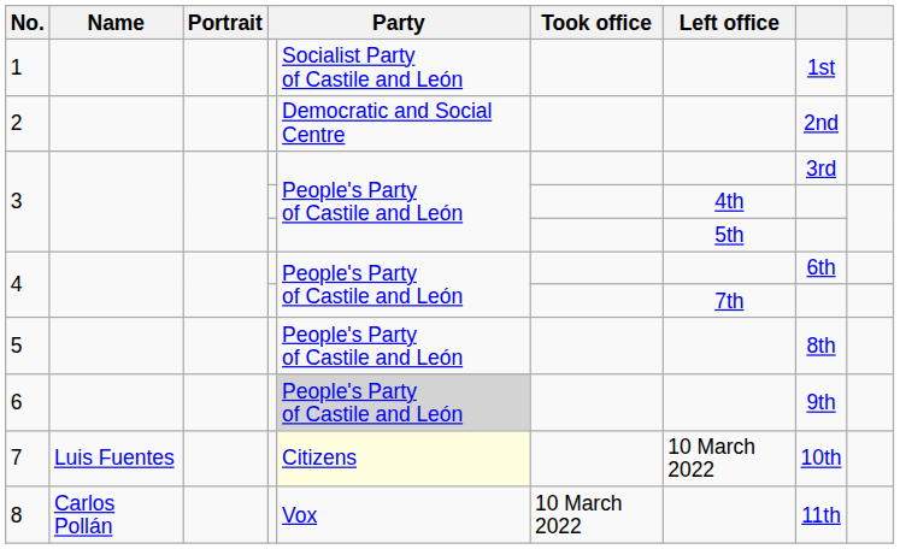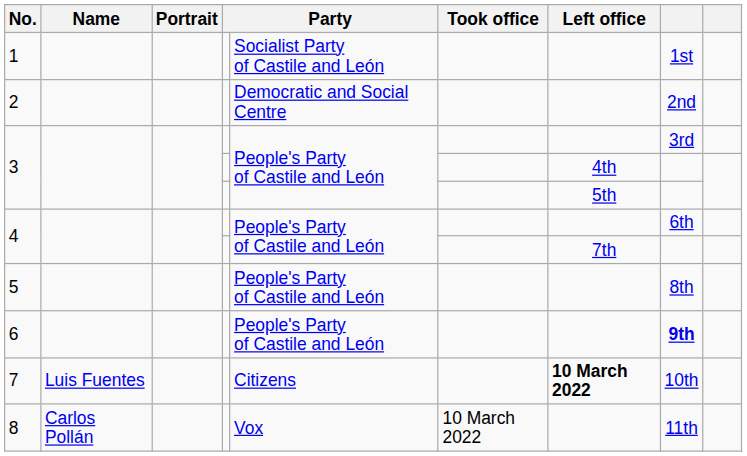 <table class="wikitable plainrowheaders sortable" style="font-size:90%; text-align:left;">
 <tr>
 <th scope=col>No.</th>
 <th scope=col>Name</th>
 <th scope=col class=unsortable>Portrait</th>
 <th scope=col colspan="2">Party</th>
 <th scope=col>Took office</th>
 <th scope=col>Left office</th>
 <th scope=col></th>
 <th scope=col width=25px class=unsortable></th>
 </tr>
 <tr>
 <td>1</td>
 <td style="white-space: nowrap;"></td>
 <td align=center></td>
 <td style="background:"></td>
 <td><a href='#'>Socialist Party<br>of Castile and León</a></td>
 <td align=center></td>
 <td align=center></td>
 <td align=center><a href='#'>1st</a></td>
 <td align=center></td>
 </tr>
 <tr>
 <td>2</td>
 <td style="white-space: nowrap;"></td>
 <td align=center></td>
 <td style="background:"></td>
 <td><a href='#'>Democratic and Social Centre</a></td>
 <td align=center></td>
 <td align=center></td>
 <td align=center><a href='#'>2nd</a></td>
 <td align=center></td>
 </tr>
 <tr>
 <td rowspan=3>3</td>
 <td style="white-space: nowrap;" rowspan=3></td>
 <td align=center rowspan=3></td>
 <td !align="center" style="background:"></td>
 <td rowspan=3><a href='#'>People's Party<br>of Castile and León</a></td>
 <td align=center></td>
 <td align=center></td>
 <td align=center><a href='#'>3rd</a></td>
 <td align=center></td>
 </tr>
 <tr>
 <td align=center></td>
 <td align=center></td>
 <td align=center><a href='#'>4th</a></td>
 <td align=center></td>
 </tr>
 <tr>
 <td align=center></td>
 <td align=center></td>
 <td align=center><a href='#'>5th</a></td>
 <td align=center></td>
 </tr>
 <tr>
 <td rowspan=2>4</td>
 <td style="white-space: nowrap;" rowspan=2></td>
 <td align=center rowspan=2></td>
 <td !align="center" style="background:"></td>
 <td rowspan=2><a href='#'>People's Party<br>of Castile and León</a></td>
 <td align=center></td>
 <td align=center></td>
 <td align=center><a href='#'>6th</a></td>
 <td align=center></td>
 </tr>
 <tr>
 <td align=center></td>
 <td align=center></td>
 <td align=center><a href='#'>7th</a></td>
 <td align=center></td>
 </tr>
 <tr>
 <td>5</td>
 <td style="white-space: nowrap;"></td>
 <td align=center></td>
 <td !align="center" style="background:"></td>
 <td><a href='#'>People's Party<br>of Castile and León</a></td>
 <td align=center></td>
 <td align=center></td>
 <td align=center><a href='#'>8th</a></td>
 <td align=center></td>
 </tr>
 <tr>
 <td>6</td>
 <td style="white-space: nowrap;"></td>
 <td align=center></td>
 <td !align="center" style="background:"></td>
-<td style="background: lightgrey;"><a href='#'>People's Party<br>of Castile and León</a></td>
+<td><a href='#'>People's Party<br>of Castile and León</a></td>
 <td align=center></td>
 <td align=center></td>
-<td align=center><a href='#'>9th</a></td>
+<td align=center><strong><a href='#'>9th</a></strong></td>
 <td align=center></td>
 </tr>
 <tr>
 <td>7</td>
 <td style="white-space: nowrap;"><a href='#'>Luis Fuentes</a></td>
 <td align=center></td>
 <td !align="center" style="background:"></td>
-<td style="background: lightyellow;"><a href='#'>Citizens</a></td>
+<td><a href='#'>Citizens</a></td>
 <td align=center></td>
-<td>10 March 2022</td>
+<td><strong>10 March 2022</strong></td>
 <td align="center"><a href='#'>10th</a></td>
 <td align=center></td>
 </tr>
 <tr>
 <td>8</td>
 <td><a href='#'>Carlos Pollán</a></td>
 <td></td>
 <td style="background:"></td>
 <td><a href='#'>Vox</a></td>
 <td>10 March 2022</td>
 <td></td>
 <td align=center><a href='#'>11th</a></td>
 <td align=center></td>
 </tr>
 </table>
